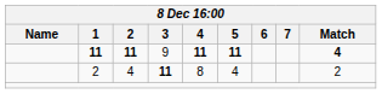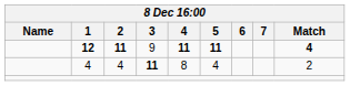 <table class=wikitable style="text-align:center; width: 55%">
 <tr>
 <th colspan=17><em>8 Dec 16:00</em></th>
 </tr>
 <tr>
 <th>Name</th>
 <th>1</th>
 <th>2</th>
 <th>3</th>
 <th>4</th>
 <th>5</th>
 <th>6</th>
 <th>7</th>
 <th>Match</th>
 </tr>
 <tr>
 <td style="text-align:left;"><strong></strong></td>
-<td><strong>11</strong></td>
+<td><strong>12</strong></td>
 <td><strong>11</strong></td>
 <td>9</td>
 <td><strong>11</strong></td>
 <td><strong>11</strong></td>
 <td></td>
 <td></td>
 <td><strong>4</strong></td>
 </tr>
 <tr>
 <td style="text-align:left;"></td>
-<td>2</td>
+<td>4</td>
 <td>4</td>
 <td><strong>11</strong></td>
 <td>8</td>
 <td>4</td>
 <td></td>
 <td></td>
 <td>2</td>
 </tr>
 <tr>
 <td colspan=17></td>
 </tr>
 </table>
